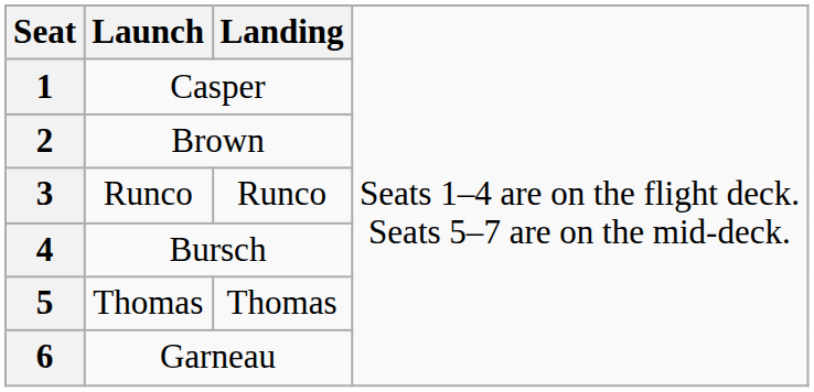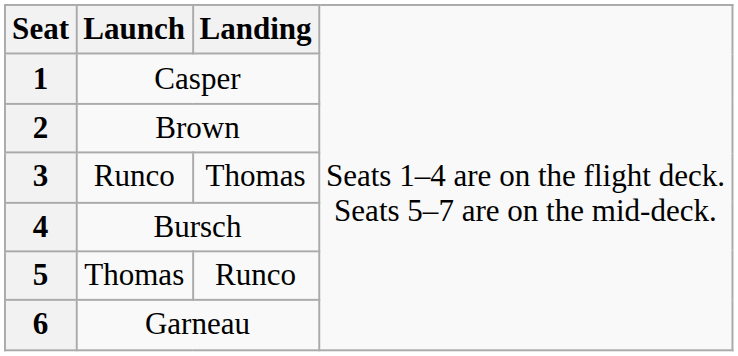 <table class="wikitable" style="text-align:center">
 <tr>
 <th>Seat</th>
 <th>Launch</th>
 <th>Landing</th>
 <td rowspan=8><br>Seats 1–4 are on the flight deck.<br>Seats 5–7 are on the mid-deck.</td>
 </tr>
 <tr>
 <th>1</th>
 <td colspan=2>Casper</td>
 </tr>
 <tr>
 <th>2</th>
 <td colspan=2>Brown</td>
 </tr>
 <tr>
 <th>3</th>
 <td>Runco</td>
-<td>Runco</td>
+<td>Thomas</td>
 </tr>
 <tr>
 <th>4</th>
 <td colspan=2>Bursch</td>
 </tr>
 <tr>
 <th>5</th>
 <td>Thomas</td>
-<td>Thomas</td>
+<td>Runco</td>
 </tr>
 <tr>
 <th>6</th>
 <td colspan=2>Garneau</td>
 </tr>
 </table>
